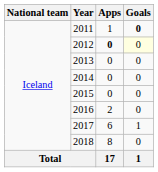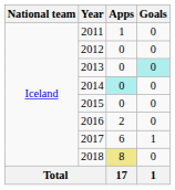 <table class="wikitable" style="text-align:center">
 <tr>
 <th>National team</th>
 <th>Year</th>
 <th>Apps</th>
 <th>Goals</th>
 </tr>
 <tr>
 <td rowspan="8"><a href='#'>Iceland</a></td>
 <td>2011</td>
 <td>1</td>
-<td><strong>0</strong></td>
+<td>0</td>
 </tr>
 <tr>
 <td>2012</td>
-<td><strong>0</strong></td>
-<td style="background: lightyellow;">0</td>
+<td>0</td>
+<td>0</td>
 </tr>
 <tr>
 <td>2013</td>
 <td>0</td>
-<td>0</td>
+<td style="background: paleturquoise;">0</td>
 </tr>
 <tr>
 <td>2014</td>
-<td>0</td>
+<td style="background: paleturquoise;">0</td>
 <td>0</td>
 </tr>
 <tr>
 <td>2015</td>
 <td>0</td>
 <td>0</td>
 </tr>
 <tr>
 <td>2016</td>
 <td>2</td>
 <td>0</td>
 </tr>
 <tr>
 <td>2017</td>
 <td>6</td>
 <td>1</td>
 </tr>
 <tr>
 <td>2018</td>
-<td>8</td>
+<td style="background: khaki;">8</td>
 <td>0</td>
 </tr>
 <tr>
 <th colspan="2">Total</th>
 <th>17</th>
 <th>1</th>
 </tr>
 </table>
